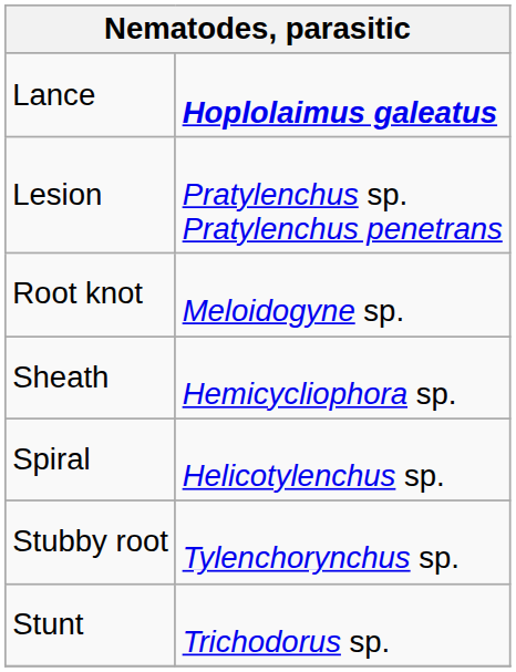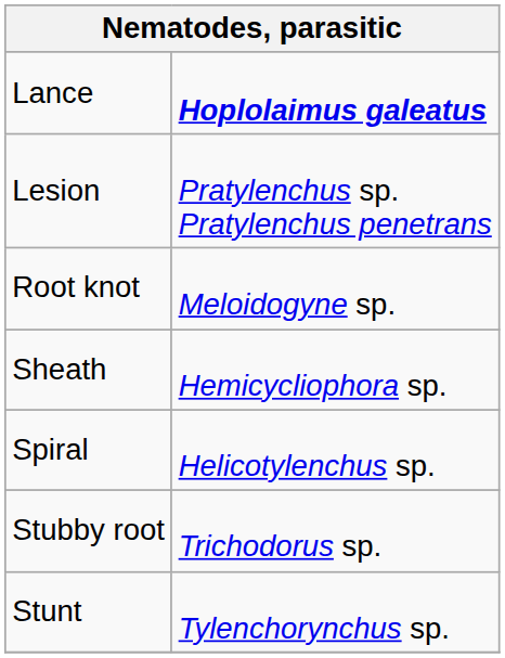 <table class="wikitable" style="clear">
 <tr>
 <th colspan=2><strong>Nematodes, parasitic</strong></th>
 </tr>
 <tr>
 <td>Lance</td>
 <td><strong><br><em><a href='#'>Hoplolaimus galeatus</a></em></strong></td>
 </tr>
 <tr>
 <td>Lesion</td>
 <td><br><em><a href='#'>Pratylenchus</a></em> sp. <br> <em><a href='#'>Pratylenchus penetrans</a></em></td>
 </tr>
 <tr>
 <td>Root knot</td>
 <td><br><em><a href='#'>Meloidogyne</a></em> sp.</td>
 </tr>
 <tr>
 <td>Sheath</td>
 <td><br><em><a href='#'>Hemicycliophora</a></em> sp.</td>
 </tr>
 <tr>
 <td>Spiral</td>
 <td><br><em><a href='#'>Helicotylenchus</a></em> sp.</td>
 </tr>
 <tr>
 <td>Stubby root</td>
-<td><br><em><a href='#'>Tylenchorynchus</a></em> sp.</td>
+<td><br><em><a href='#'>Trichodorus</a></em> sp.</td>
 </tr>
 <tr>
 <td>Stunt</td>
-<td><br><em><a href='#'>Trichodorus</a></em> sp.</td>
+<td><br><em><a href='#'>Tylenchorynchus</a></em> sp.</td>
 </tr>
 <tr>
 </tr>
 </table>
